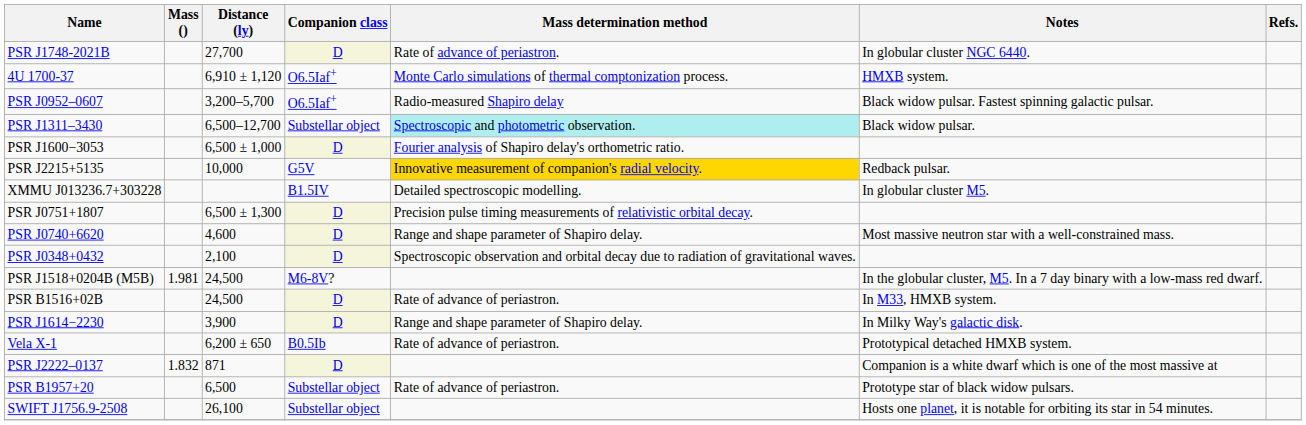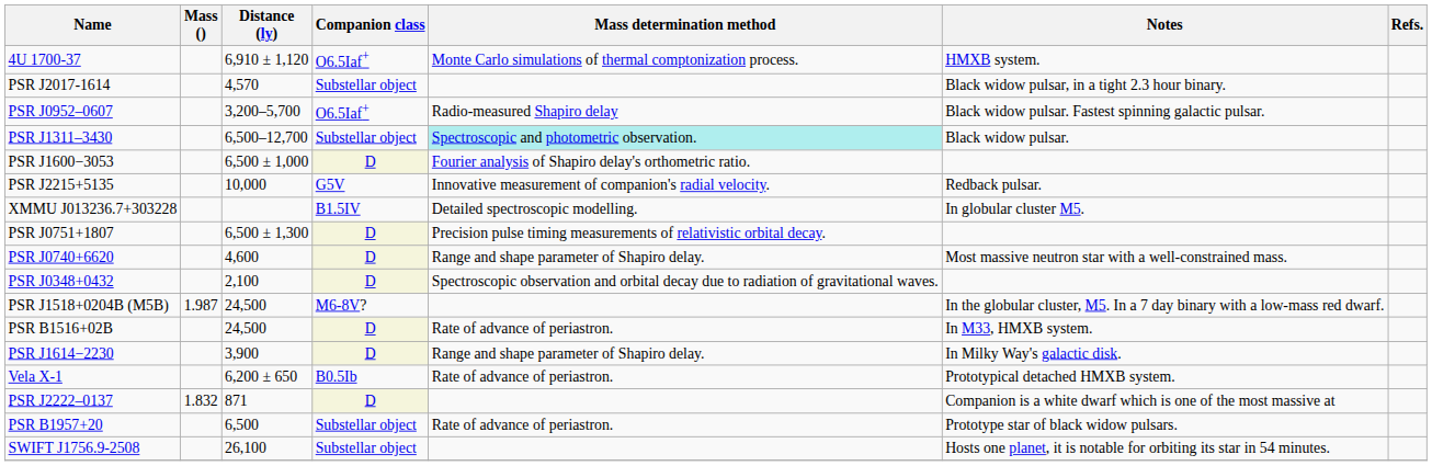 <table class="wikitable sortable sticky-header">
 <tr>
 <th scope="col" class="unsortable">Name</th>
 <th scope="col">Mass<br>()</th>
 <th scope="col">Distance<br>(<a href='#'>ly</a>)</th>
 <th scope="col">Companion <a href='#'>class</a></th>
 <th scope="col" class="unsortable">Mass determination method</th>
 <th scope="col" class="unsortable">Notes</th>
 <th scope="col" class="unsortable">Refs.</th>
 </tr>
 <tr>
-<td><a href='#'>PSR J1748-2021B</a></td>
-<td></td>
-<td>27,700</td>
-<td style="background: #F5F5DC; text-align: center;"><a href='#'>D</a></td>
-<td>Rate of <a href='#'>advance of periastron</a>.</td>
-<td>In globular cluster <a href='#'>NGC 6440</a>.</td>
-<td></td>
-</tr>
-<tr>
 <td><a href='#'>4U 1700-37</a></td>
 <td></td>
 <td>6,910 ± 1,120</td>
 <td style="background: "><a href='#'>O6.5Iaf<sup>+</sup></a></td>
 <td><a href='#'>Monte Carlo simulations</a> of <a href='#'>thermal comptonization</a> process.</td>
 <td><a href='#'>HMXB</a> system.</td>
+<td></td>
+</tr>
+<tr>
+<td>PSR J2017-1614</td>
+<td></td>
+<td>4,570</td>
+<td style="background: "><a href='#'>Substellar object</a></td>
+<td></td>
+<td>Black widow pulsar, in a tight 2.3 hour binary.</td>
 <td></td>
 </tr>
 <tr>
 <td><a href='#'>PSR J0952–0607</a></td>
 <td></td>
 <td>3,200–5,700</td>
 <td style="background: "><a href='#'>O6.5Iaf<sup>+</sup></a></td>
 <td>Radio-measured <a href='#'>Shapiro delay</a></td>
 <td>Black widow pulsar. Fastest spinning galactic pulsar.</td>
 <td></td>
 </tr>
 <tr>
 <td><a href='#'>PSR J1311–3430</a></td>
 <td></td>
 <td>6,500–12,700</td>
 <td style="background: "><a href='#'>Substellar object</a></td>
 <td style="background: paleturquoise;"><a href='#'>Spectroscopic</a> and <a href='#'>photometric</a> observation.</td>
 <td>Black widow pulsar.</td>
 <td></td>
 </tr>
 <tr>
 <td>PSR J1600−3053</td>
 <td></td>
 <td>6,500 ± 1,000</td>
 <td style="background: #F5F5DC; text-align: center;"><a href='#'>D</a></td>
 <td><a href='#'>Fourier analysis</a> of Shapiro delay's orthometric ratio.</td>
 <td></td>
 <td></td>
 </tr>
 <tr>
 <td>PSR J2215+5135</td>
 <td></td>
 <td>10,000</td>
 <td style="background: "><a href='#'>G5V</a></td>
-<td style="background: gold;">Innovative measurement of companion's <a href='#'>radial velocity</a>.</td>
+<td>Innovative measurement of companion's <a href='#'>radial velocity</a>.</td>
 <td>Redback pulsar.</td>
 <td></td>
 </tr>
 <tr>
 <td>XMMU J013236.7+303228</td>
 <td></td>
 <td></td>
 <td style="background: "><a href='#'>B1.5IV</a></td>
 <td>Detailed spectroscopic modelling.</td>
 <td>In globular cluster <a href='#'>M5</a>.</td>
 <td></td>
 </tr>
 <tr>
 <td>PSR J0751+1807</td>
 <td></td>
 <td>6,500 ± 1,300</td>
 <td style="background: #F5F5DC; text-align: center;"><a href='#'>D</a></td>
 <td>Precision pulse timing measurements of <a href='#'>relativistic orbital decay</a>.</td>
 <td></td>
 <td></td>
 </tr>
 <tr>
 <td><a href='#'>PSR J0740+6620</a></td>
 <td></td>
 <td>4,600</td>
 <td style="background: #F5F5DC; text-align: center;"><a href='#'>D</a></td>
 <td>Range and shape parameter of Shapiro delay.</td>
 <td>Most massive neutron star with a well-constrained mass.</td>
 <td></td>
 </tr>
 <tr>
 <td><a href='#'>PSR J0348+0432</a></td>
 <td></td>
 <td>2,100</td>
 <td style="background: #F5F5DC; text-align: center;"><a href='#'>D</a></td>
 <td>Spectroscopic observation and orbital decay due to radiation of gravitational waves.</td>
 <td></td>
 <td></td>
 </tr>
 <tr>
 <td>PSR J1518+0204B (M5B)</td>
-<td>1.981</td>
+<td>1.987</td>
 <td>24,500</td>
 <td style="background: "><a href='#'>M6-8V</a>?</td>
 <td></td>
 <td>In the globular cluster, <a href='#'>M5</a>. In a 7 day binary with a low-mass  red dwarf.</td>
 <td></td>
 </tr>
 <tr>
 <td>PSR B1516+02B</td>
 <td></td>
 <td>24,500</td>
 <td style="background: #F5F5DC; text-align: center;"><a href='#'>D</a></td>
 <td>Rate of advance of periastron.</td>
 <td>In <a href='#'>M33</a>, HMXB system.</td>
 <td></td>
 </tr>
 <tr>
 <td><a href='#'>PSR J1614−2230</a></td>
 <td></td>
 <td>3,900</td>
 <td style="background: #F5F5DC; text-align: center;"><a href='#'>D</a></td>
 <td>Range and shape parameter of Shapiro delay.</td>
 <td>In Milky Way's <a href='#'>galactic disk</a>.</td>
 <td></td>
 </tr>
 <tr>
 <td><a href='#'>Vela X-1</a></td>
 <td></td>
 <td>6,200 ± 650</td>
 <td style="background: "><a href='#'>B0.5Ib</a></td>
 <td>Rate of advance of periastron.</td>
 <td>Prototypical detached HMXB system.</td>
 <td></td>
 </tr>
 <tr>
 <td><a href='#'>PSR J2222–0137</a></td>
 <td>1.832</td>
 <td>871</td>
 <td style="background: #F5F5DC; text-align: center;"><a href='#'>D</a></td>
 <td></td>
 <td>Companion is a white dwarf which is one of the most massive at </td>
 <td></td>
 </tr>
 <tr>
 <td><a href='#'>PSR B1957+20</a></td>
 <td></td>
 <td>6,500</td>
 <td style="background: "><a href='#'>Substellar object</a></td>
 <td>Rate of advance of periastron.</td>
 <td>Prototype star of black widow pulsars.</td>
 <td></td>
 </tr>
 <tr>
 <td><a href='#'>SWIFT J1756.9-2508</a></td>
 <td></td>
 <td>26,100</td>
 <td style="background: "><a href='#'>Substellar object</a></td>
 <td></td>
 <td>Hosts one <a href='#'>planet</a>, it is notable for orbiting its star in 54 minutes.</td>
 <td></td>
 </tr>
 <tr>
 </tr>
 </table>
